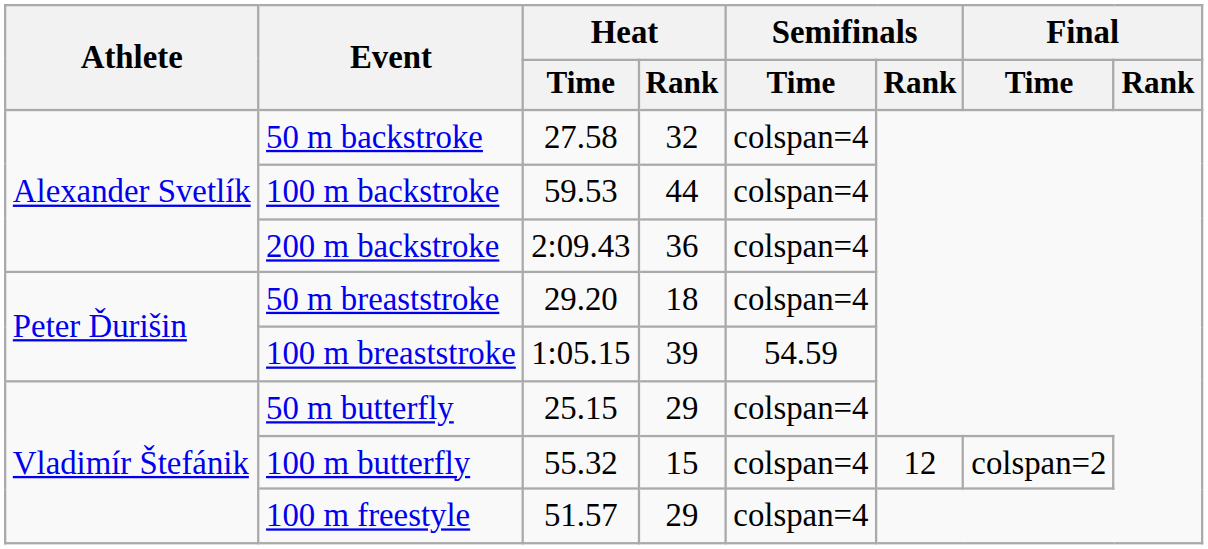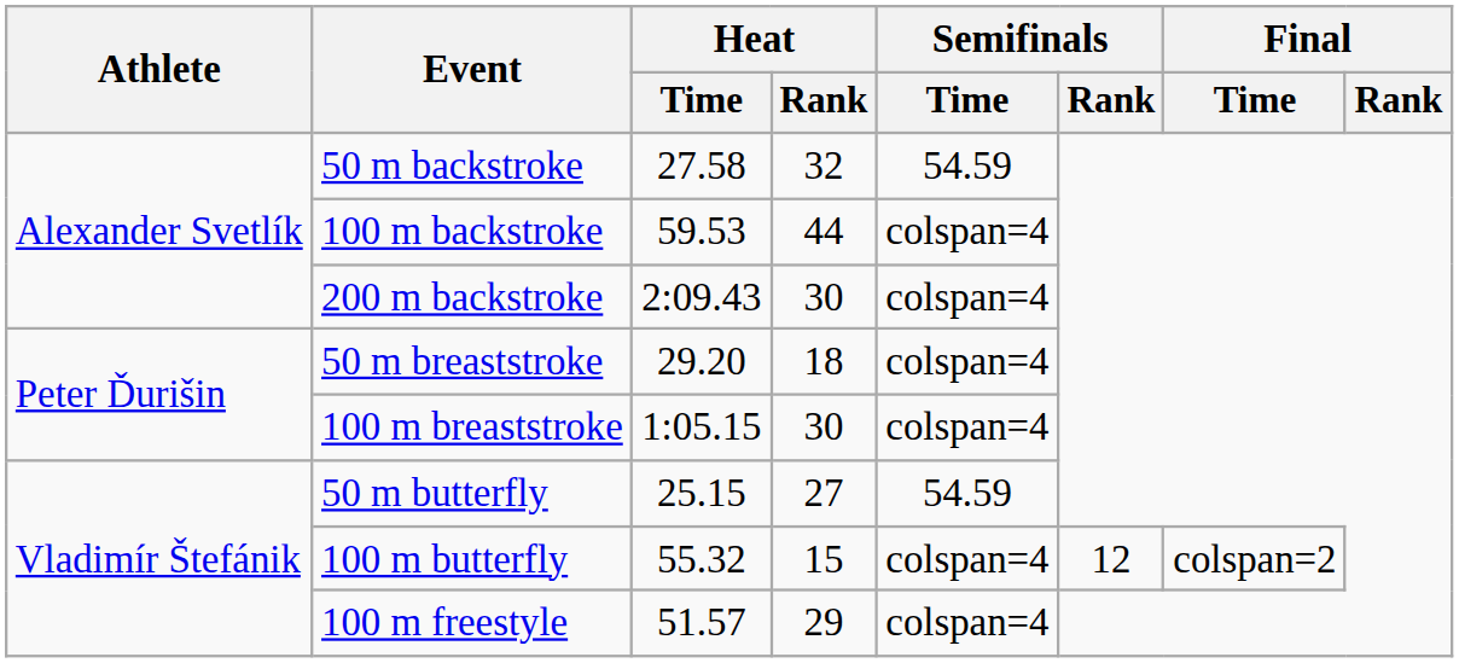 <table class=wikitable style="font-size:90%">
 <tr>
 <th rowspan="2">Athlete</th>
 <th rowspan="2">Event</th>
 <th colspan="2">Heat</th>
 <th colspan="2">Semifinals</th>
 <th colspan="2">Final</th>
 </tr>
 <tr style="font-size:95%">
 <th>Time</th>
 <th>Rank</th>
 <th>Time</th>
 <th>Rank</th>
 <th>Time</th>
 <th>Rank</th>
 </tr>
 <tr align=center>
 <td align=left rowspan=3><a href='#'>Alexander Svetlík</a></td>
 <td align=left><a href='#'>50 m backstroke</a></td>
 <td>27.58</td>
 <td>32</td>
-<td>colspan=4 </td>
+<td>54.59</td>
 </tr>
 <tr align=center>
 <td align=left><a href='#'>100 m backstroke</a></td>
 <td>59.53</td>
 <td>44</td>
 <td>colspan=4 </td>
 </tr>
 <tr align=center>
 <td align=left><a href='#'>200 m backstroke</a></td>
 <td>2:09.43</td>
-<td>36</td>
+<td>30</td>
 <td>colspan=4 </td>
 </tr>
 <tr align=center>
 <td align=left rowspan=2><a href='#'>Peter Ďurišin</a></td>
 <td align=left><a href='#'>50 m breaststroke</a></td>
 <td>29.20</td>
 <td>18</td>
 <td>colspan=4 </td>
 </tr>
 <tr align=center>
 <td align=left><a href='#'>100 m breaststroke</a></td>
 <td>1:05.15</td>
-<td>39</td>
-<td>54.59</td>
+<td>30</td>
+<td>colspan=4 </td>
 </tr>
 <tr align=center>
 <td align=left rowspan=3><a href='#'>Vladimír Štefánik</a></td>
 <td align=left><a href='#'>50 m butterfly</a></td>
 <td>25.15</td>
-<td>29</td>
-<td>colspan=4 </td>
+<td>27</td>
+<td>54.59</td>
 </tr>
 <tr align=center>
 <td align=left><a href='#'>100 m butterfly</a></td>
 <td>55.32</td>
 <td>15</td>
 <td>colspan=4 </td>
 <td>12</td>
 <td>colspan=2 </td>
 </tr>
 <tr align=center>
 <td align=left><a href='#'>100 m freestyle</a></td>
 <td>51.57</td>
 <td>29</td>
 <td>colspan=4 </td>
 </tr>
 </table>
